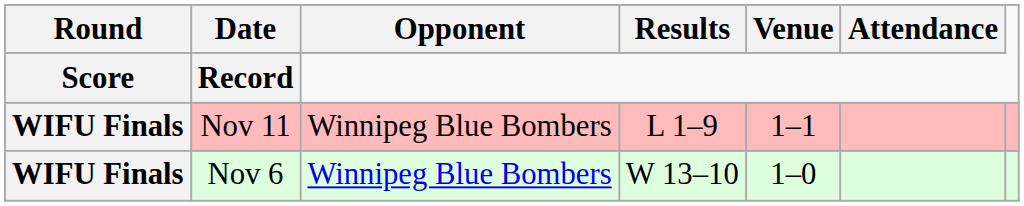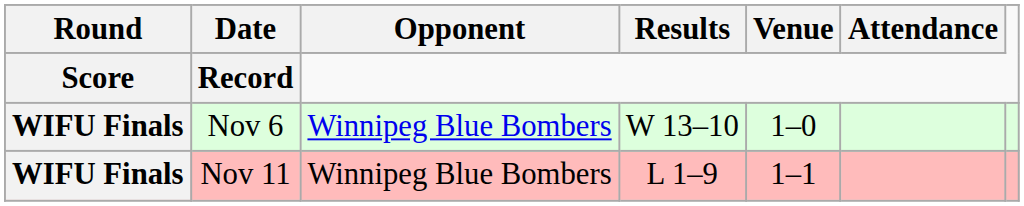 <table class="wikitable" style="text-align:center">
 <tr>
 <th>Round</th>
 <th>Date</th>
 <th>Opponent</th>
 <th>Results</th>
 <th>Venue</th>
 <th>Attendance</th>
 </tr>
 <tr>
 <th>Score</th>
 <th>Record</th>
 </tr>
+<tr style="background:#ddffdd">
+<th>WIFU Finals</th>
+<td>Nov 6</td>
+<td><a href='#'>Winnipeg Blue Bombers</a></td>
+<td>W 13–10</td>
+<td>1–0</td>
+<td></td>
+<td></td>
+</tr>
 <tr style="background:#ffbbbb">
 <th>WIFU Finals</th>
 <td>Nov 11</td>
 <td>Winnipeg Blue Bombers</td>
 <td>L 1–9</td>
 <td>1–1</td>
 <td></td>
 <td></td>
 </tr>
-<tr style="background:#ddffdd">
-<th>WIFU Finals</th>
-<td>Nov 6</td>
-<td><a href='#'>Winnipeg Blue Bombers</a></td>
-<td>W 13–10</td>
-<td>1–0</td>
-<td></td>
-<td></td>
-</tr>
 </table>
